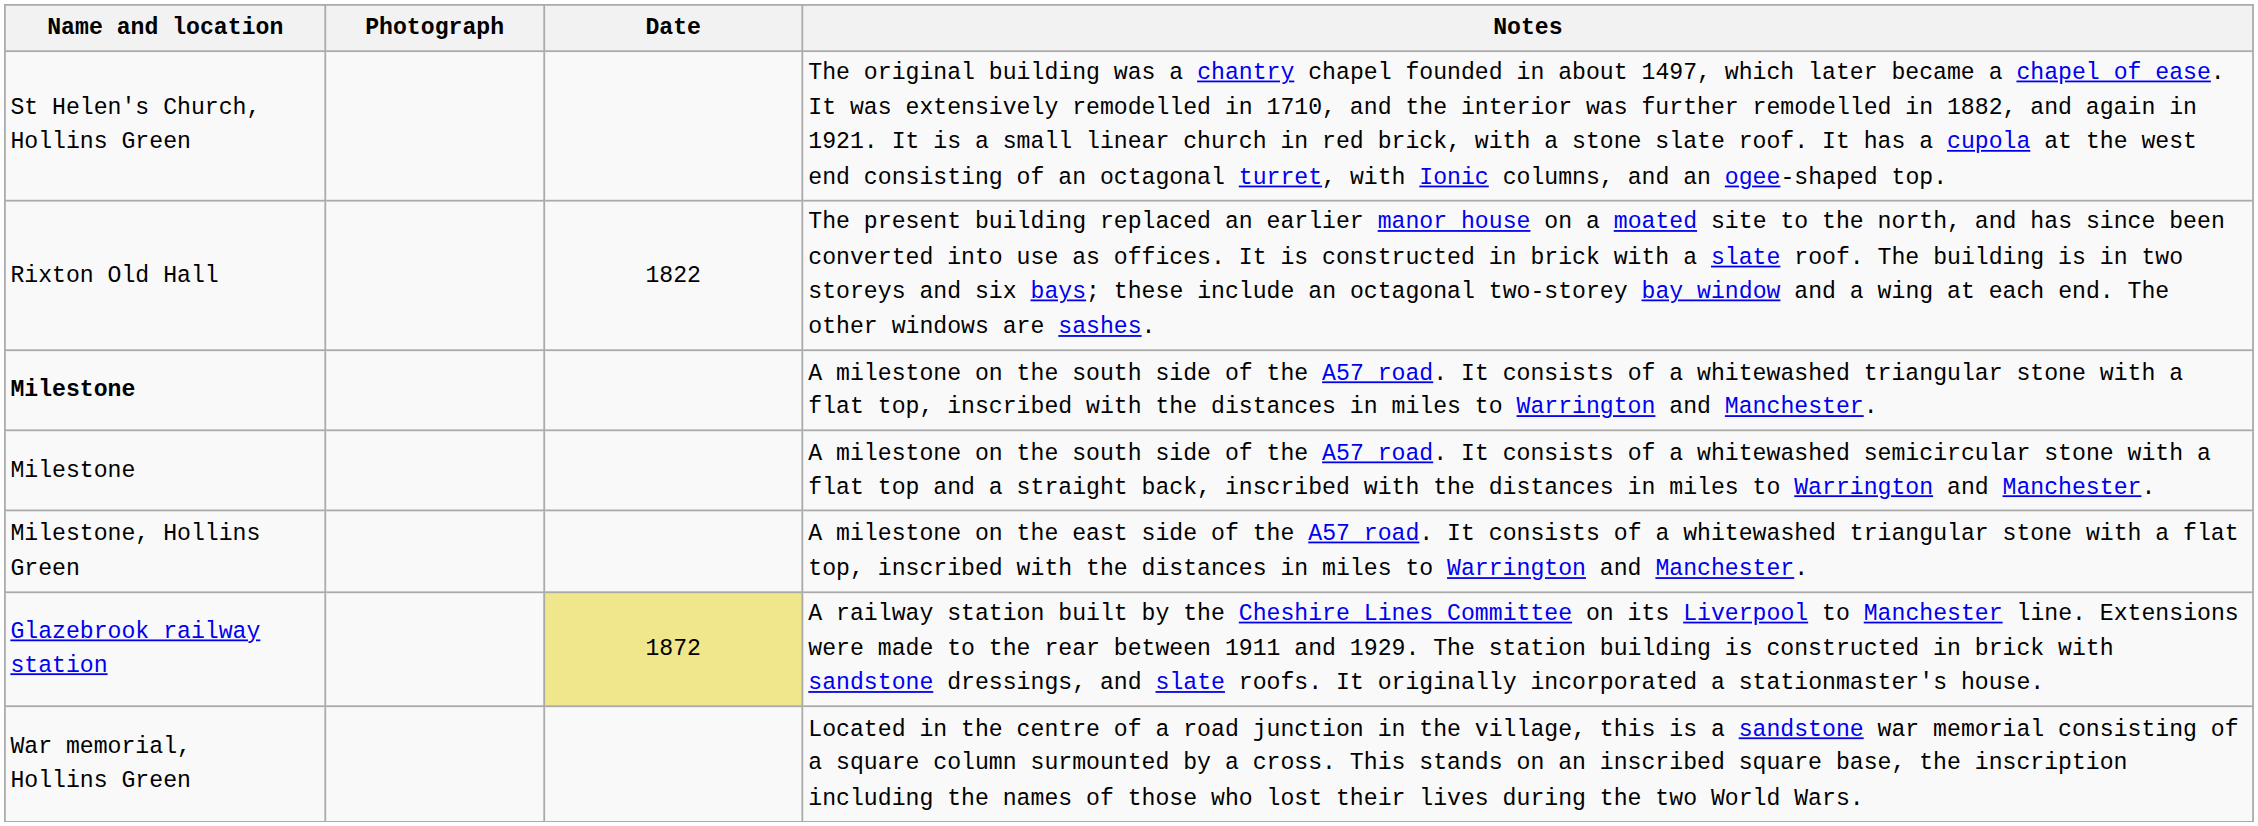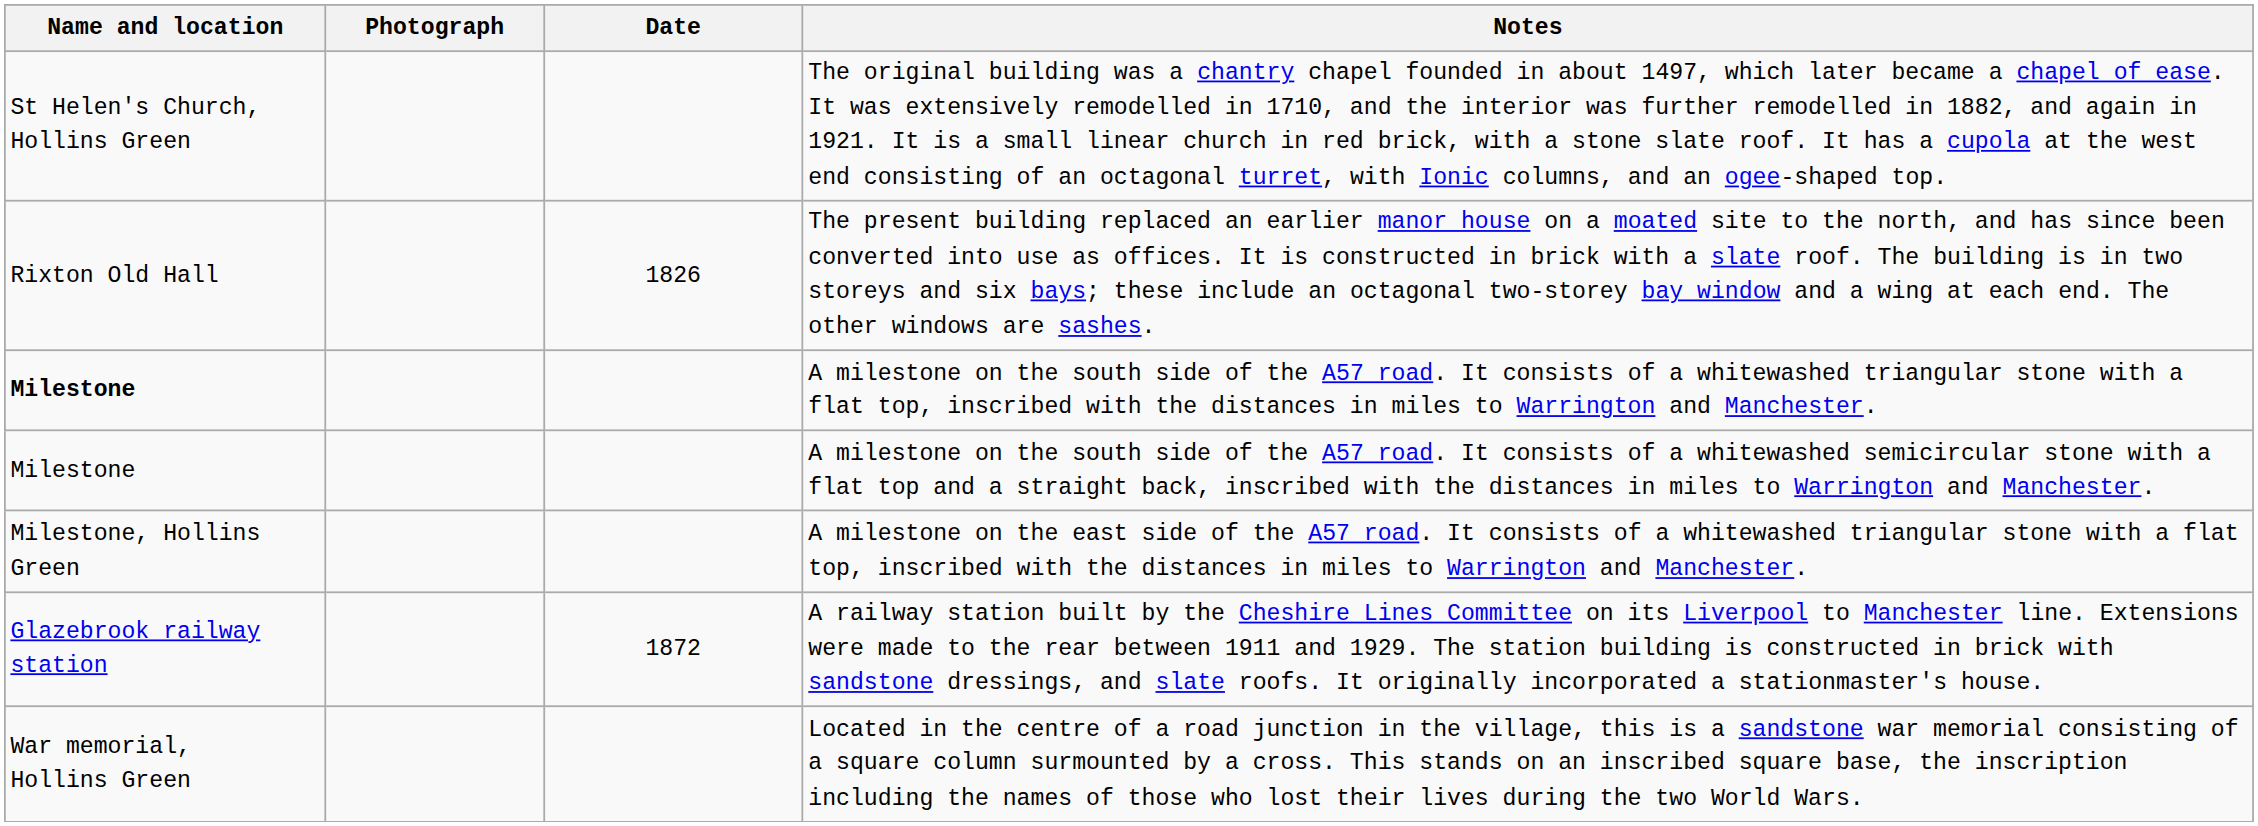 <table class="wikitable sortable plainrowheaders" style="width:100%;border:0px;text-align:left;line-height:150%;">
 <tr>
 <th scope="col"  style="width:150px">Name and location</th>
 <th scope="col"  style="width:100px" class="unsortable">Photograph</th>
 <th scope="col"  style="width:120px">Date</th>
 <th scope="col"  style="width:700px" class="unsortable">Notes</th>
 </tr>
 <tr>
 <td>St Helen's Church,<br>Hollins Green<br><small></small></td>
 <td></td>
 <td align="center"></td>
 <td>The original building was a <a href='#'>chantry</a> chapel founded in about 1497, which later became a <a href='#'>chapel of ease</a>.  It was extensively remodelled in 1710, and the interior was further remodelled in 1882, and again in 1921.  It is a small linear church in red brick, with a stone slate roof.  It has a <a href='#'>cupola</a> at the west end consisting of an octagonal <a href='#'>turret</a>, with <a href='#'>Ionic</a> columns, and an <a href='#'>ogee</a>-shaped top.</td>
 </tr>
 <tr>
 <td>Rixton Old Hall<br><small></small></td>
 <td></td>
-<td align="center">1822</td>
+<td align="center">1826</td>
 <td>The present building replaced an earlier <a href='#'>manor house</a> on a <a href='#'>moated</a> site to the north, and has since been converted into use as offices.  It is constructed in brick with a <a href='#'>slate</a> roof.  The building is in two storeys and six <a href='#'>bays</a>; these include an octagonal two-storey <a href='#'>bay window</a> and a wing at each end.  The other windows are <a href='#'>sashes</a>.</td>
 </tr>
 <tr>
 <td><strong>Milestone<br><small></small></strong></td>
 <td></td>
 <td align="center"></td>
 <td>A milestone on the south side of the <a href='#'>A57 road</a>.  It consists of a whitewashed triangular stone with a flat top, inscribed with the distances in miles to <a href='#'>Warrington</a> and <a href='#'>Manchester</a>.</td>
 </tr>
 <tr>
 <td>Milestone<br><small></small></td>
 <td></td>
 <td align="center"></td>
 <td>A milestone on the south side of the <a href='#'>A57 road</a>.  It consists of a whitewashed semicircular stone with a flat top and a straight back, inscribed with the distances in miles to <a href='#'>Warrington</a> and <a href='#'>Manchester</a>.</td>
 </tr>
 <tr>
 <td>Milestone, Hollins Green<br><small></small></td>
 <td></td>
 <td align="center"></td>
 <td>A milestone on the east side of the <a href='#'>A57 road</a>.  It consists of a whitewashed triangular stone with a flat top, inscribed with the distances in miles to <a href='#'>Warrington</a> and <a href='#'>Manchester</a>.</td>
 </tr>
 <tr>
 <td><a href='#'>Glazebrook railway station</a><br><small></small></td>
 <td></td>
-<td align="center" style="background: khaki;">1872</td>
+<td align="center">1872</td>
 <td>A railway station built by the <a href='#'>Cheshire Lines Committee</a> on its <a href='#'>Liverpool</a> to <a href='#'>Manchester</a> line.  Extensions were made to the rear between 1911 and 1929.  The station building is constructed in brick with <a href='#'>sandstone</a> dressings, and <a href='#'>slate</a> roofs. It originally incorporated a stationmaster's house.</td>
 </tr>
 <tr>
 <td>War memorial,<br>Hollins Green<br><small></small></td>
 <td></td>
 <td align="center"></td>
 <td>Located in the centre of a road junction in the village, this is a <a href='#'>sandstone</a> war memorial consisting of a square column surmounted by a cross.  This stands on an inscribed square base, the inscription including the names of those who lost their lives during the two World Wars.</td>
 </tr>
 <tr>
 </tr>
 </table>
